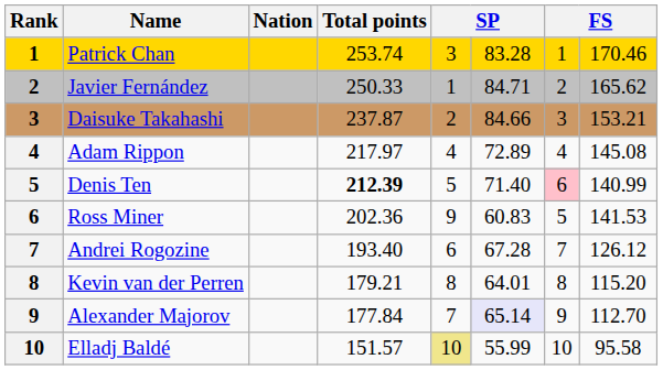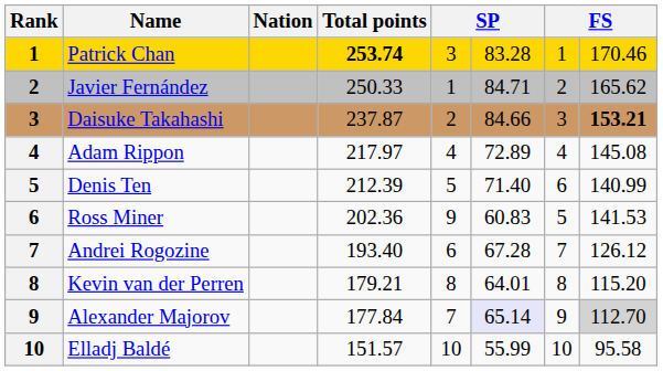 <table class="wikitable sortable">
 <tr>
 <th>Rank</th>
 <th>Name</th>
 <th>Nation</th>
 <th>Total points</th>
 <th colspan="2" width="80px"><a href='#'>SP</a></th>
 <th colspan="2" width="80px"><a href='#'>FS</a></th>
 </tr>
 <tr bgcolor="gold">
 <td align="center"><strong>1</strong></td>
 <td><a href='#'>Patrick Chan</a></td>
 <td></td>
-<td align="center">253.74</td>
+<td align="center"><strong>253.74</strong></td>
 <td align="center">3</td>
 <td align="center">83.28</td>
 <td align="center">1</td>
 <td align="center">170.46</td>
 </tr>
 <tr bgcolor="silver">
 <td align="center"><strong>2</strong></td>
 <td><a href='#'>Javier Fernández</a></td>
 <td></td>
 <td align="center">250.33</td>
 <td align="center">1</td>
 <td align="center">84.71</td>
 <td align="center">2</td>
 <td align="center">165.62</td>
 </tr>
 <tr bgcolor="cc9966">
 <td align="center"><strong>3</strong></td>
 <td><a href='#'>Daisuke Takahashi</a></td>
 <td></td>
 <td align="center">237.87</td>
 <td align="center">2</td>
 <td align="center">84.66</td>
 <td align="center">3</td>
-<td align="center">153.21</td>
+<td align="center"><strong>153.21</strong></td>
 </tr>
 <tr>
 <th>4</th>
 <td><a href='#'>Adam Rippon</a></td>
 <td></td>
 <td align="center">217.97</td>
 <td align="center">4</td>
 <td align="center">72.89</td>
 <td align="center">4</td>
 <td align="center">145.08</td>
 </tr>
 <tr>
 <th>5</th>
 <td><a href='#'>Denis Ten</a></td>
 <td></td>
-<td align="center"><strong>212.39</strong></td>
+<td align="center">212.39</td>
 <td align="center">5</td>
 <td align="center">71.40</td>
-<td align="center" style="background: pink;">6</td>
+<td align="center">6</td>
 <td align="center">140.99</td>
 </tr>
 <tr>
 <th>6</th>
 <td><a href='#'>Ross Miner</a></td>
 <td></td>
 <td align="center">202.36</td>
 <td align="center">9</td>
 <td align="center">60.83</td>
 <td align="center">5</td>
 <td align="center">141.53</td>
 </tr>
 <tr>
 <th>7</th>
 <td><a href='#'>Andrei Rogozine</a></td>
 <td></td>
 <td align="center">193.40</td>
 <td align="center">6</td>
 <td align="center">67.28</td>
 <td align="center">7</td>
 <td align="center">126.12</td>
 </tr>
 <tr>
 <th>8</th>
 <td><a href='#'>Kevin van der Perren</a></td>
 <td></td>
 <td align="center">179.21</td>
 <td align="center">8</td>
 <td align="center">64.01</td>
 <td align="center">8</td>
 <td align="center">115.20</td>
 </tr>
 <tr>
 <th>9</th>
 <td><a href='#'>Alexander Majorov</a></td>
 <td></td>
 <td align="center">177.84</td>
 <td align="center">7</td>
 <td align="center" style="background: lavender;">65.14</td>
 <td align="center">9</td>
-<td align="center">112.70</td>
+<td align="center" style="background: lightgrey;">112.70</td>
 </tr>
 <tr>
 <th>10</th>
 <td><a href='#'>Elladj Baldé</a></td>
 <td></td>
 <td align="center">151.57</td>
-<td align="center" style="background: khaki;">10</td>
+<td align="center">10</td>
 <td align="center">55.99</td>
 <td align="center">10</td>
 <td align="center">95.58</td>
 </tr>
 </table>
